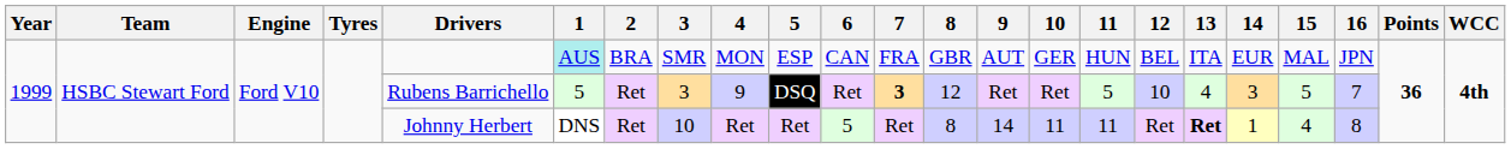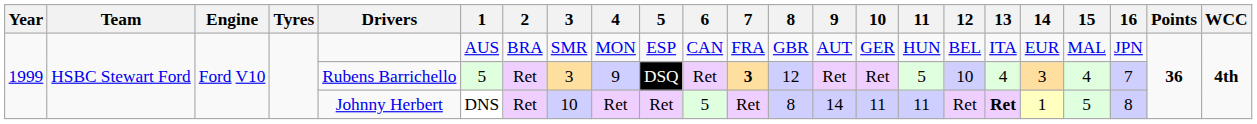 <table class="wikitable" style="text-align:center; font-size:95%">
 <tr>
 <th>Year</th>
 <th>Team</th>
 <th>Engine</th>
 <th>Tyres</th>
 <th>Drivers</th>
 <th>1</th>
 <th>2</th>
 <th>3</th>
 <th>4</th>
 <th>5</th>
 <th>6</th>
 <th>7</th>
 <th>8</th>
 <th>9</th>
 <th>10</th>
 <th>11</th>
 <th>12</th>
 <th>13</th>
 <th>14</th>
 <th>15</th>
 <th>16</th>
 <th>Points</th>
 <th>WCC</th>
 </tr>
 <tr>
 <td rowspan="3"><a href='#'>1999</a></td>
 <td rowspan="3"><a href='#'>HSBC Stewart Ford</a></td>
 <td rowspan="3"><a href='#'>Ford</a> <a href='#'>V10</a></td>
 <td rowspan="3"></td>
 <td></td>
-<td style="background: paleturquoise;"><a href='#'>AUS</a></td>
+<td><a href='#'>AUS</a></td>
 <td><a href='#'>BRA</a></td>
 <td><a href='#'>SMR</a></td>
 <td><a href='#'>MON</a></td>
 <td><a href='#'>ESP</a></td>
 <td><a href='#'>CAN</a></td>
 <td><a href='#'>FRA</a></td>
 <td><a href='#'>GBR</a></td>
 <td><a href='#'>AUT</a></td>
 <td><a href='#'>GER</a></td>
 <td><a href='#'>HUN</a></td>
 <td><a href='#'>BEL</a></td>
 <td><a href='#'>ITA</a></td>
 <td><a href='#'>EUR</a></td>
 <td><a href='#'>MAL</a></td>
 <td><a href='#'>JPN</a></td>
 <td rowspan="3"><strong>36</strong></td>
 <td rowspan="3"><strong>4th</strong></td>
 </tr>
 <tr>
 <td><a href='#'>Rubens Barrichello</a></td>
 <td style="background:#DFFFDF;">5</td>
 <td style="background:#EFCFFF;">Ret</td>
 <td style="background:#FFDF9F;">3</td>
 <td style="background:#CFCFFF;">9</td>
 <td style="background:#000000; color:white">DSQ</td>
 <td style="background:#EFCFFF;">Ret</td>
 <td style="background:#FFDF9F;"><strong>3</strong></td>
 <td style="background:#CFCFFF;">12</td>
 <td style="background:#EFCFFF;">Ret</td>
 <td style="background:#EFCFFF;">Ret</td>
 <td style="background:#DFFFDF;">5</td>
 <td style="background:#CFCFFF;">10</td>
 <td style="background:#DFFFDF;">4</td>
 <td style="background:#FFDF9F;">3</td>
-<td style="background:#DFFFDF;">5</td>
+<td style="background:#DFFFDF;">4</td>
 <td style="background:#CFCFFF;">7</td>
 </tr>
 <tr>
 <td><a href='#'>Johnny Herbert</a></td>
 <td style="background:#FFFFFF;">DNS</td>
 <td style="background:#EFCFFF;">Ret</td>
 <td style="background:#CFCFFF;">10</td>
 <td style="background:#EFCFFF;">Ret</td>
 <td style="background:#EFCFFF;">Ret</td>
 <td style="background:#DFFFDF;">5</td>
 <td style="background:#EFCFFF;">Ret</td>
 <td style="background:#CFCFFF;">8</td>
 <td style="background:#CFCFFF;">14</td>
 <td style="background:#CFCFFF;">11</td>
 <td style="background:#CFCFFF;">11</td>
 <td style="background:#EFCFFF;">Ret</td>
 <td style="background:#EFCFFF;"><strong>Ret</strong></td>
 <td style="background:#FFFFBF;">1</td>
-<td style="background:#DFFFDF;">4</td>
+<td style="background:#DFFFDF;">5</td>
 <td style="background:#CFCFFF;">8</td>
 </tr>
 </table>
